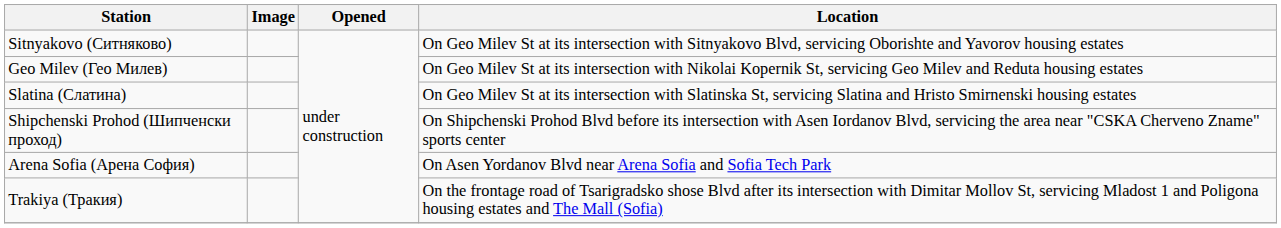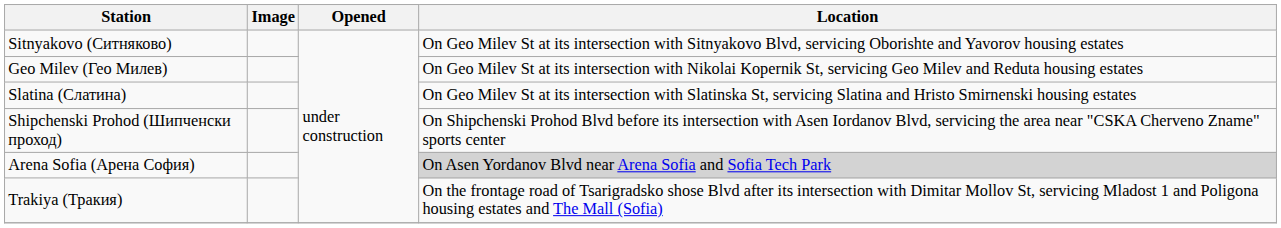 <table class="wikitable">
 <tr>
 <th>Station</th>
 <th>Image</th>
 <th>Opened</th>
 <th>Location</th>
 </tr>
 <tr>
 <td>Sitnyakovo (Ситняково)</td>
 <td></td>
 <td rowspan="6">under construction</td>
 <td>On Geo Milev St at its intersection with Sitnyakovo Blvd, servicing Oborishte and Yavorov housing estates</td>
 </tr>
 <tr>
 <td>Geo Milev (Гео Милев)</td>
 <td></td>
 <td>On Geo Milev St at its intersection with Nikolai Kopernik St, servicing Geo Milev and Reduta housing estates</td>
 </tr>
 <tr>
 <td>Slatina (Слатина)</td>
 <td></td>
 <td>On Geo Milev St at its intersection with Slatinska St, servicing Slatina and Hristo Smirnenski housing estates</td>
 </tr>
 <tr>
 <td>Shipchenski Prohod (Шипченски проход)</td>
 <td></td>
 <td>On Shipchenski Prohod Blvd before its intersection with Asen Iordanov Blvd, servicing the area near "CSKA Cherveno Zname" sports center</td>
 </tr>
 <tr>
 <td>Arena Sofia (Арена София)</td>
 <td></td>
-<td>On Asen Yordanov Blvd near <a href='#'>Arena Sofia</a> and <a href='#'>Sofia Tech Park</a></td>
+<td style="background: lightgrey;">On Asen Yordanov Blvd near <a href='#'>Arena Sofia</a> and <a href='#'>Sofia Tech Park</a></td>
 </tr>
 <tr>
 <td>Trakiya (Тракия)</td>
 <td></td>
 <td>On the frontage road of Tsarigradsko shose Blvd after its intersection with Dimitar Mollov St, servicing Mladost 1 and Poligona housing estates and <a href='#'>The Mall (Sofia)</a></td>
 </tr>
 <tr>
 </tr>
 </table>
